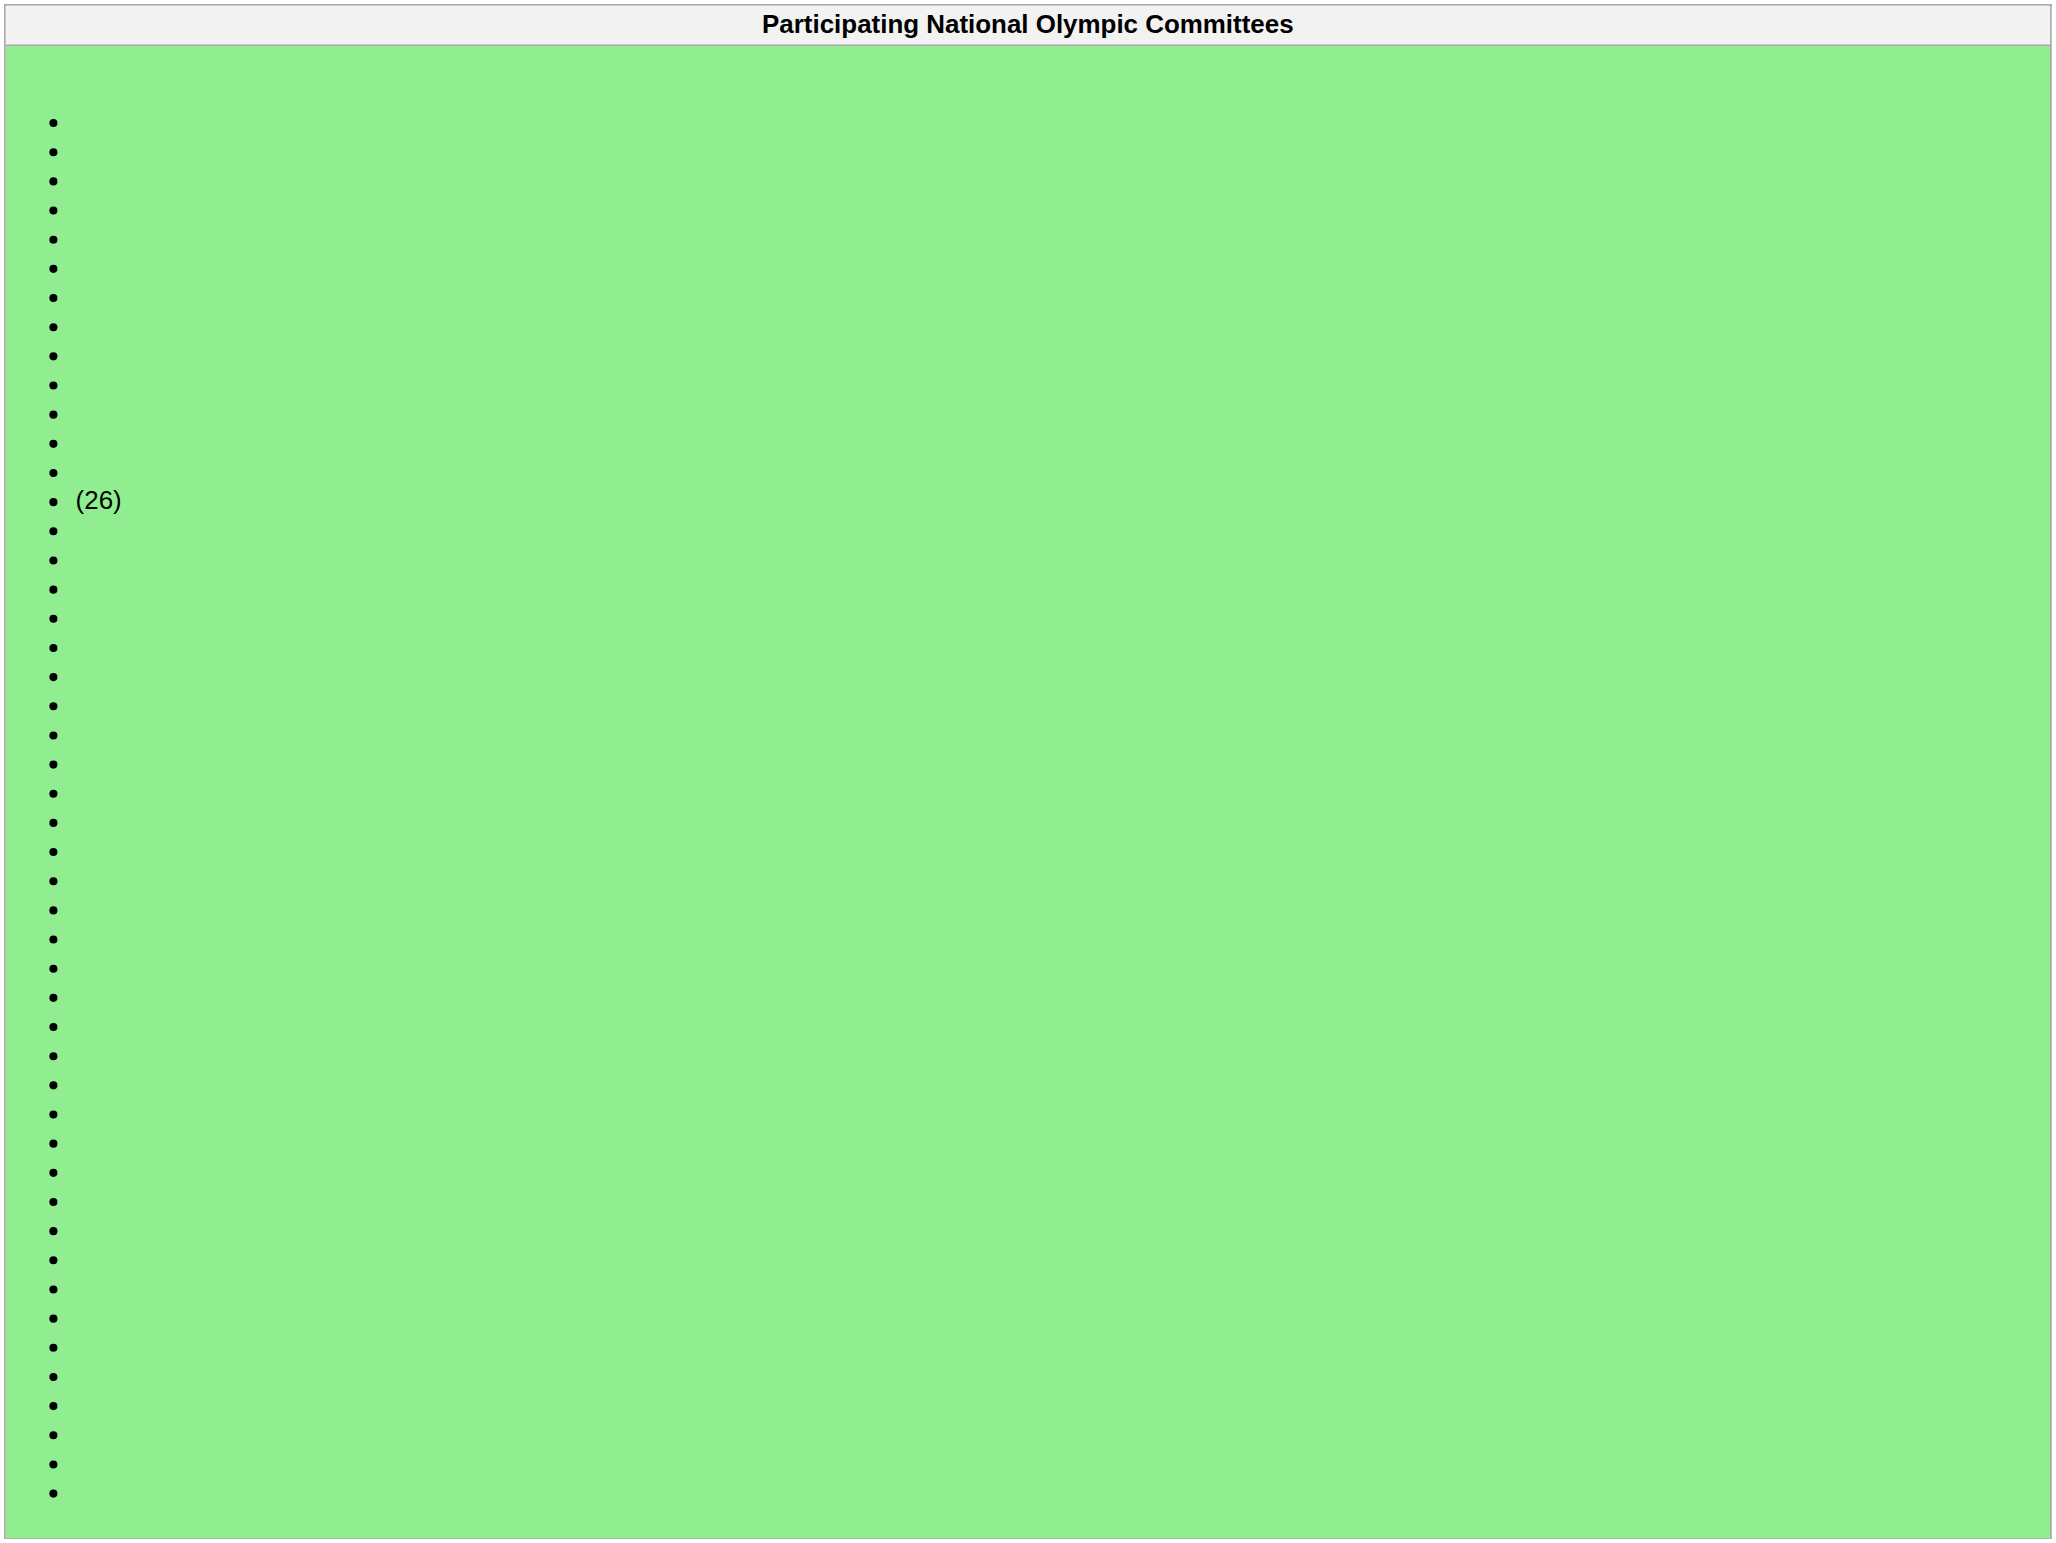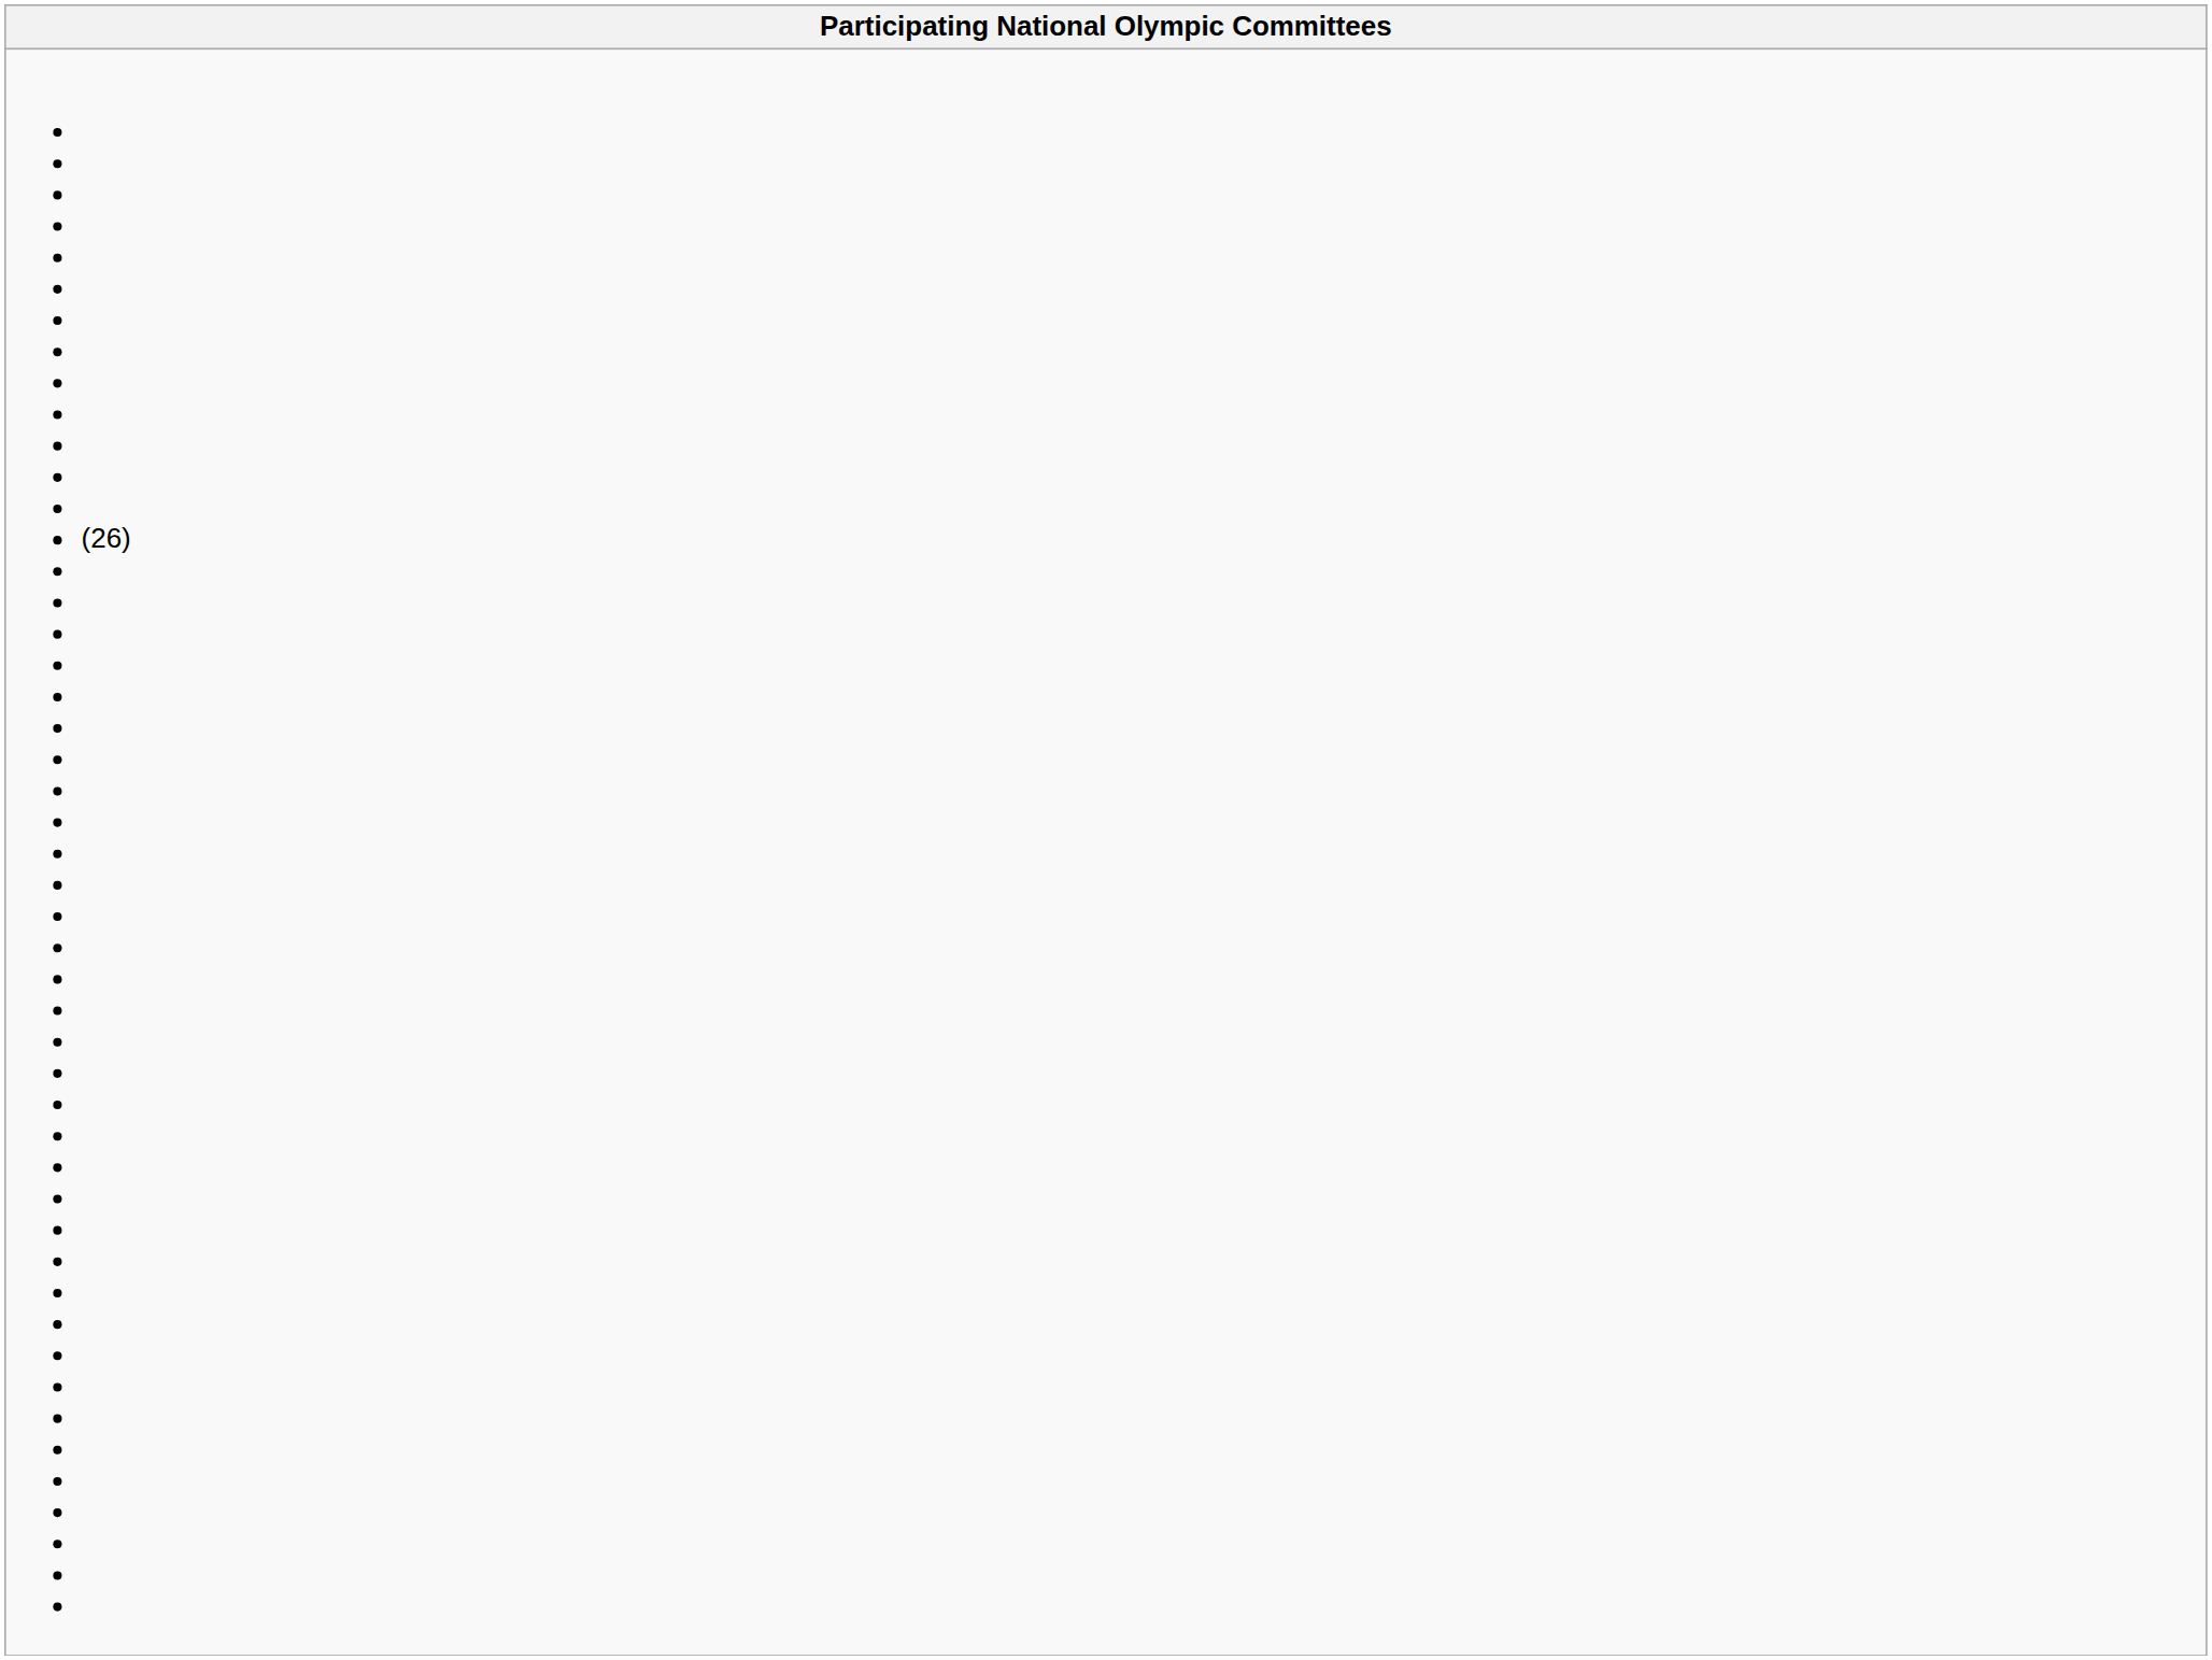 <table class="wikitable collapsible" style="width:100%;">
 <tr>
 <th>Participating National Olympic Committees</th>
 </tr>
 <tr>
-<td style="background: lightgreen;"><br><ul><li></li><li></li><li></li><li></li><li></li><li></li><li></li><li></li><li></li><li></li><li></li><li></li><li></li><li> (26)</li><li></li><li></li><li></li><li></li><li></li><li></li><li></li><li></li><li></li><li></li><li></li><li></li><li></li><li></li><li></li><li></li><li></li><li></li><li></li><li></li><li></li><li></li><li></li><li></li><li></li><li></li><li></li><li></li><li></li><li></li><li></li><li></li><li></li><li></li></ul></td>
+<td><br><ul><li></li><li></li><li></li><li></li><li></li><li></li><li></li><li></li><li></li><li></li><li></li><li></li><li></li><li> (26)</li><li></li><li></li><li></li><li></li><li></li><li></li><li></li><li></li><li></li><li></li><li></li><li></li><li></li><li></li><li></li><li></li><li></li><li></li><li></li><li></li><li></li><li></li><li></li><li></li><li></li><li></li><li></li><li></li><li></li><li></li><li></li><li></li><li></li><li></li></ul></td>
 </tr>
 </table>
